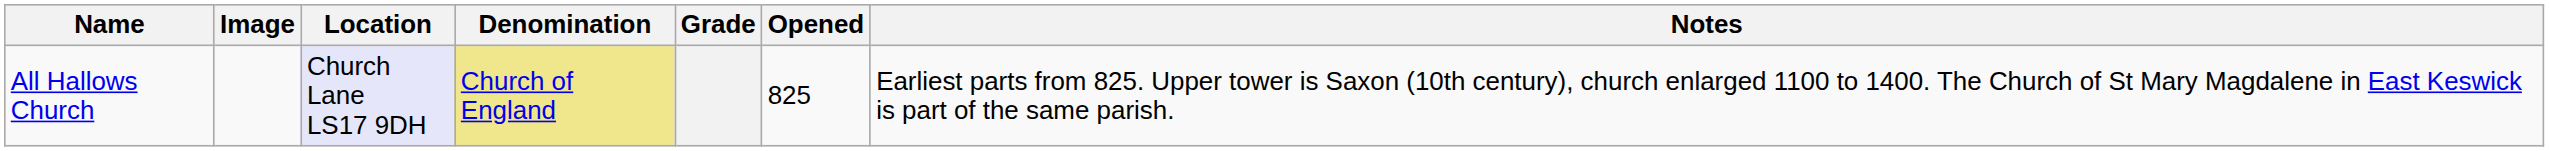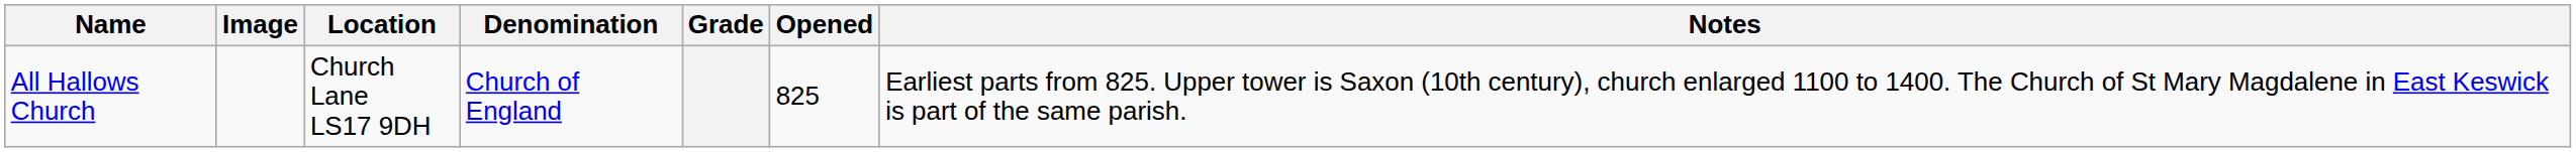 <table class="wikitable sortable">
 <tr>
 <th>Name</th>
 <th class="unsortable">Image</th>
 <th>Location</th>
 <th>Denomination</th>
 <th>Grade</th>
 <th>Opened</th>
 <th class="unsortable">Notes</th>
 </tr>
 <tr>
 <td><a href='#'>All Hallows Church</a></td>
 <td></td>
-<td style="background: lavender;">Church Lane<br>LS17 9DH</td>
-<td style="background: khaki;"><a href='#'>Church of England</a></td>
+<td>Church Lane<br>LS17 9DH</td>
+<td><a href='#'>Church of England</a></td>
 <th></th>
 <td>825</td>
 <td>Earliest parts from 825. Upper tower is Saxon (10th century), church enlarged 1100 to 1400. The Church of St Mary Magdalene in <a href='#'>East Keswick</a> is part of the same parish.</td>
 </tr>
 </table>
